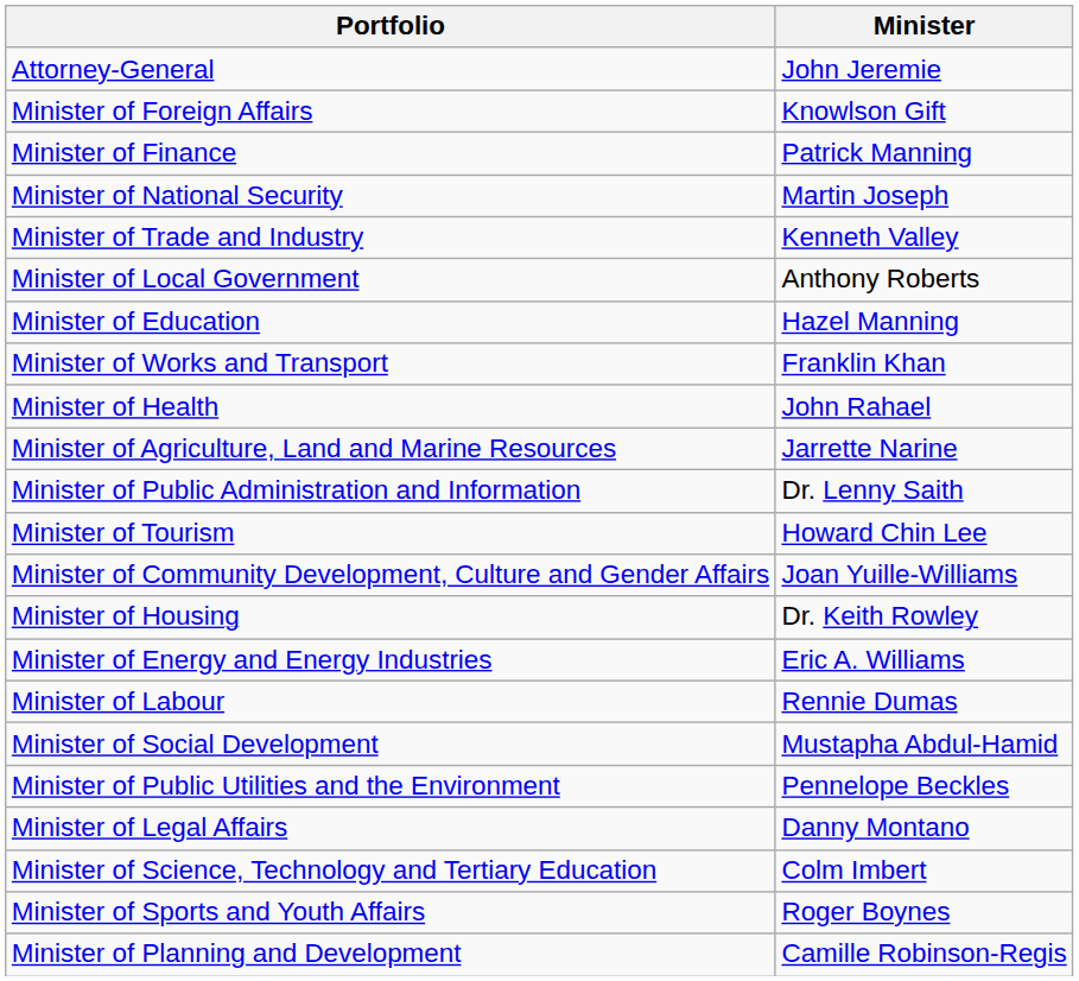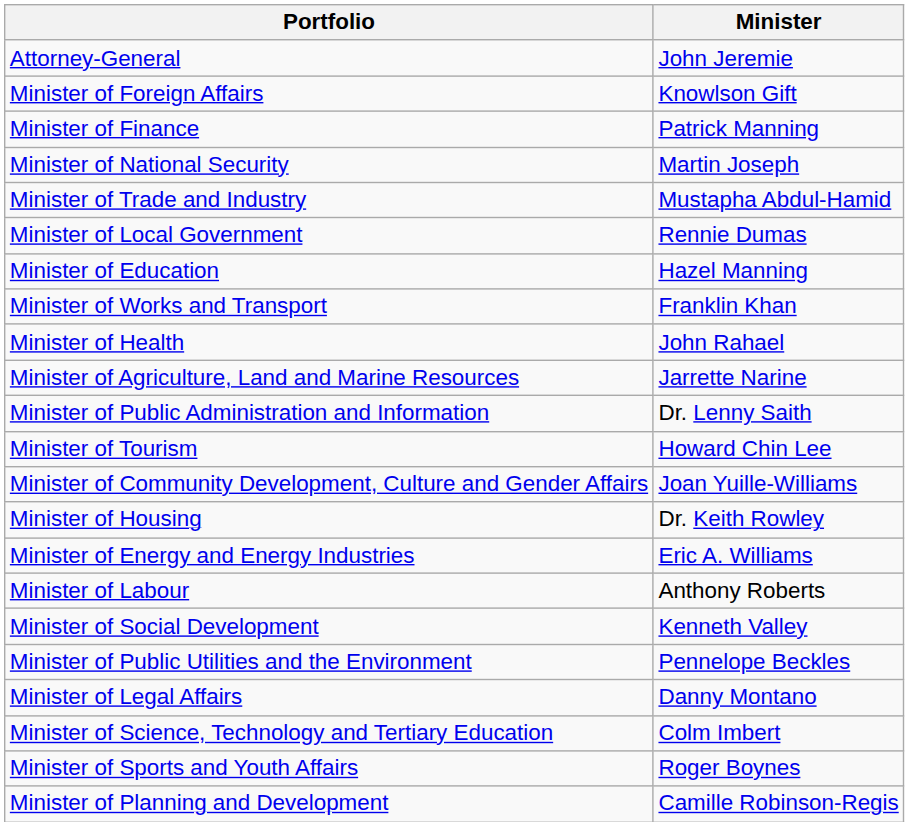 <table class="wikitable">
 <tr>
 <th>Portfolio</th>
 <th colspan=2>Minister</th>
 </tr>
 <tr>
 <td><a href='#'>Attorney-General</a></td>
 <td><a href='#'>John Jeremie</a></td>
 </tr>
 <tr>
 <td><a href='#'>Minister of Foreign Affairs</a></td>
 <td><a href='#'>Knowlson Gift</a></td>
 </tr>
 <tr>
 <td><a href='#'>Minister of Finance</a></td>
 <td><a href='#'>Patrick Manning</a></td>
 </tr>
 <tr>
 <td><a href='#'>Minister of National Security</a></td>
 <td><a href='#'>Martin Joseph</a></td>
 </tr>
 <tr>
 <td><a href='#'>Minister of Trade and Industry</a></td>
-<td><a href='#'>Kenneth Valley</a></td>
+<td><a href='#'>Mustapha Abdul-Hamid</a></td>
 </tr>
 <tr>
 <td><a href='#'>Minister of Local Government</a></td>
-<td>Anthony Roberts</td>
+<td><a href='#'>Rennie Dumas</a></td>
 </tr>
 <tr>
 <td><a href='#'>Minister of Education</a></td>
 <td><a href='#'>Hazel Manning</a></td>
 </tr>
 <tr>
 <td><a href='#'>Minister of Works and Transport</a></td>
 <td><a href='#'>Franklin Khan</a></td>
 </tr>
 <tr>
 <td><a href='#'>Minister of Health</a></td>
 <td><a href='#'>John Rahael</a></td>
 </tr>
 <tr>
 <td><a href='#'>Minister of Agriculture, Land and Marine Resources</a></td>
 <td><a href='#'>Jarrette Narine</a></td>
 </tr>
 <tr>
 <td><a href='#'>Minister of Public Administration and Information</a></td>
 <td>Dr. <a href='#'>Lenny Saith</a></td>
 </tr>
 <tr>
 <td><a href='#'>Minister of Tourism</a></td>
 <td><a href='#'>Howard Chin Lee</a></td>
 </tr>
 <tr>
 <td><a href='#'>Minister of Community Development, Culture and Gender Affairs</a></td>
 <td><a href='#'>Joan Yuille-Williams</a></td>
 </tr>
 <tr>
 <td><a href='#'>Minister of Housing</a></td>
 <td>Dr. <a href='#'>Keith Rowley</a></td>
 </tr>
 <tr>
 <td><a href='#'>Minister of Energy and Energy Industries</a></td>
 <td><a href='#'>Eric A. Williams</a></td>
 </tr>
 <tr>
 <td><a href='#'>Minister of Labour</a></td>
-<td><a href='#'>Rennie Dumas</a></td>
+<td>Anthony Roberts</td>
 </tr>
 <tr>
 <td><a href='#'>Minister of Social Development</a></td>
-<td><a href='#'>Mustapha Abdul-Hamid</a></td>
+<td><a href='#'>Kenneth Valley</a></td>
 </tr>
 <tr>
 <td><a href='#'>Minister of Public Utilities and the Environment</a></td>
 <td><a href='#'>Pennelope Beckles</a></td>
 </tr>
 <tr>
 <td><a href='#'>Minister of Legal Affairs</a></td>
 <td><a href='#'>Danny Montano</a></td>
 </tr>
 <tr>
 <td><a href='#'>Minister of Science, Technology and Tertiary Education</a></td>
 <td><a href='#'>Colm Imbert</a></td>
 </tr>
 <tr>
 <td><a href='#'>Minister of Sports and Youth Affairs</a></td>
 <td><a href='#'>Roger Boynes</a></td>
 </tr>
 <tr>
 <td><a href='#'>Minister of Planning and Development</a></td>
 <td><a href='#'>Camille Robinson-Regis</a></td>
 </tr>
 </table>
